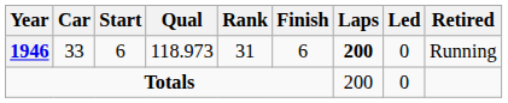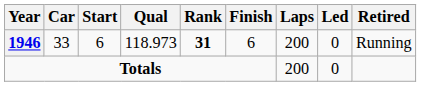 <table class="wikitable" style="text-align:center">
 <tr>
 <th>Year</th>
 <th>Car</th>
 <th>Start</th>
 <th>Qual</th>
 <th>Rank</th>
 <th>Finish</th>
 <th>Laps</th>
 <th>Led</th>
 <th>Retired</th>
 </tr>
 <tr>
 <th><a href='#'>1946</a></th>
 <td>33</td>
 <td>6</td>
 <td>118.973</td>
-<td>31</td>
+<td><strong>31</strong></td>
 <td>6</td>
-<td><strong>200</strong></td>
+<td>200</td>
 <td>0</td>
 <td>Running</td>
 </tr>
 <tr>
 <td colspan=6><strong>Totals</strong></td>
 <td>200</td>
 <td>0</td>
 <td></td>
 </tr>
 </table>
